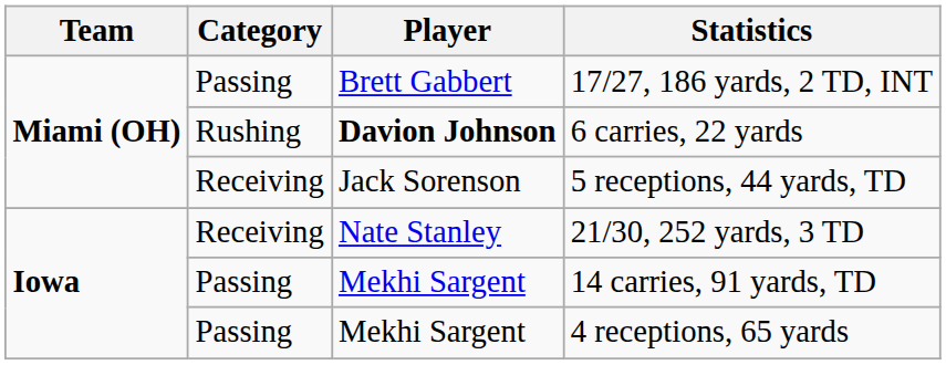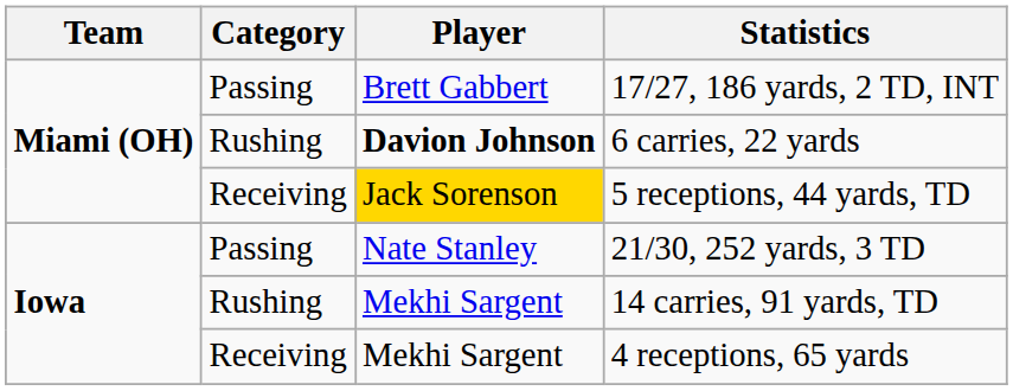 <table class="wikitable" style="float: left;">
 <tr>
 <th>Team</th>
 <th>Category</th>
 <th>Player</th>
 <th>Statistics</th>
 </tr>
 <tr>
 <td rowspan=3><strong>Miami (OH)</strong></td>
 <td>Passing</td>
 <td><a href='#'>Brett Gabbert</a></td>
 <td>17/27, 186 yards, 2 TD, INT</td>
 </tr>
 <tr>
 <td>Rushing</td>
 <td><strong>Davion Johnson</strong></td>
 <td>6 carries, 22 yards</td>
 </tr>
 <tr>
 <td>Receiving</td>
-<td>Jack Sorenson</td>
+<td style="background: gold;">Jack Sorenson</td>
 <td>5 receptions, 44 yards, TD</td>
 </tr>
 <tr>
 <td rowspan=3><strong>Iowa</strong></td>
-<td>Receiving</td>
+<td>Passing</td>
 <td><a href='#'>Nate Stanley</a></td>
 <td>21/30, 252 yards, 3 TD</td>
 </tr>
 <tr>
-<td>Passing</td>
+<td>Rushing</td>
 <td><a href='#'>Mekhi Sargent</a></td>
 <td>14 carries, 91 yards, TD</td>
 </tr>
 <tr>
-<td>Passing</td>
+<td>Receiving</td>
 <td>Mekhi Sargent</td>
 <td>4 receptions, 65 yards</td>
 </tr>
 </table>
